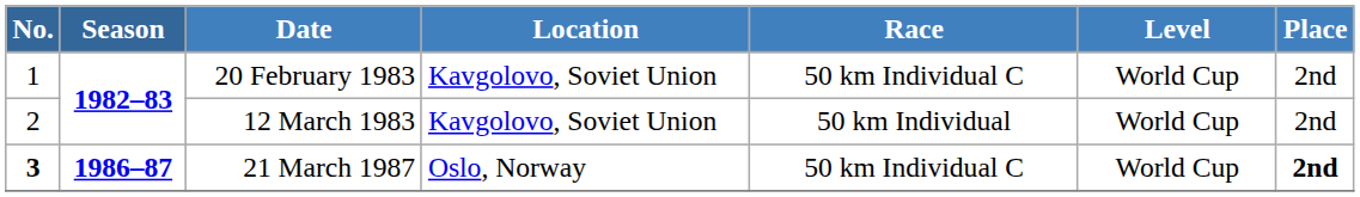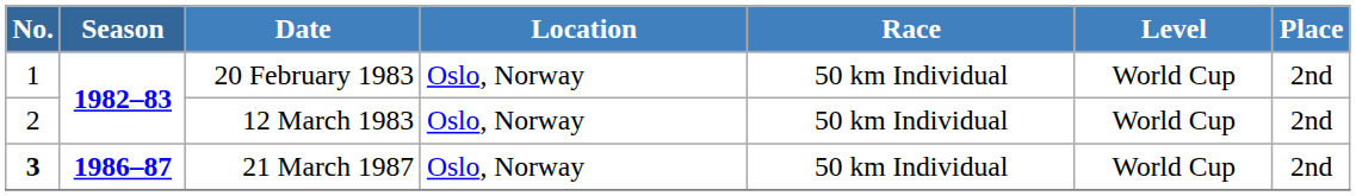 <table class="wikitable sortable" style="font-size:95%; text-align:center; border:grey solid 1px; border-collapse:collapse; background:#ffffff;">
 <tr style="background:#efefef;">
 <th style="background-color:#369; color:white;">No.</th>
 <th style="background-color:#369; color:white;">Season</th>
 <th style="background-color:#4180be; color:white; width:120px;">Date</th>
 <th style="background-color:#4180be; color:white; width:170px;">Location</th>
 <th style="background-color:#4180be; color:white; width:170px;">Race</th>
 <th style="background-color:#4180be; color:white; width:100px;">Level</th>
 <th style="background-color:#4180be; color:white;">Place</th>
 </tr>
 <tr>
 <td align=center>1</td>
 <td rowspan=2 align=center><strong> <a href='#'>1982–83</a> </strong></td>
 <td align=right>20 February 1983</td>
-<td align=left> <a href='#'>Kavgolovo</a>, Soviet Union</td>
-<td>50 km Individual C</td>
+<td align=left> <a href='#'>Oslo</a>, Norway</td>
+<td>50 km Individual</td>
 <td>World Cup</td>
 <td>2nd</td>
 </tr>
 <tr>
 <td align=center>2</td>
 <td align=right>12 March 1983</td>
-<td align=left> <a href='#'>Kavgolovo</a>, Soviet Union</td>
+<td align=left> <a href='#'>Oslo</a>, Norway</td>
 <td>50 km Individual</td>
 <td>World Cup</td>
 <td>2nd</td>
 </tr>
 <tr>
 <td align=center><strong>3</strong></td>
 <td rowspan=1 align=center><strong> <a href='#'>1986–87</a> </strong></td>
 <td align=right>21 March 1987</td>
 <td align=left> <a href='#'>Oslo</a>, Norway</td>
-<td>50 km Individual C</td>
+<td>50 km Individual</td>
 <td>World Cup</td>
-<td><strong>2nd</strong></td>
+<td>2nd</td>
 </tr>
 <tr>
 </tr>
 </table>
